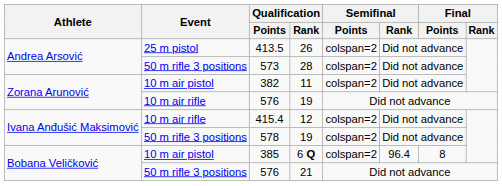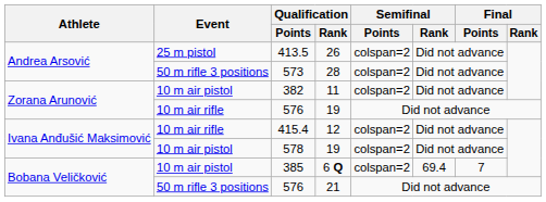 <table class="wikitable" style="font-size:90%">
 <tr>
 <th rowspan="2">Athlete</th>
 <th rowspan="2">Event</th>
 <th colspan=2>Qualification</th>
 <th colspan=2>Semifinal</th>
 <th colspan=2>Final</th>
 </tr>
 <tr style="font-size:95%">
 <th>Points</th>
 <th>Rank</th>
 <th>Points</th>
 <th>Rank</th>
 <th>Points</th>
 <th>Rank</th>
 </tr>
 <tr align=center>
 <td align=left rowspan=2><a href='#'>Andrea Arsović</a></td>
 <td align=left><a href='#'>25 m pistol</a></td>
 <td>413.5</td>
 <td>26</td>
 <td>colspan=2 </td>
 <td colspan=2>Did not advance</td>
 </tr>
 <tr align=center>
 <td align=left><a href='#'>50 m rifle 3 positions</a></td>
 <td>573</td>
 <td>28</td>
 <td>colspan=2 </td>
 <td colspan=2>Did not advance</td>
 </tr>
 <tr align=center>
 <td align=left rowspan=2><a href='#'>Zorana Arunović</a></td>
 <td align=left><a href='#'>10 m air pistol</a></td>
 <td>382</td>
 <td>11</td>
 <td>colspan=2 </td>
 <td colspan=2>Did not advance</td>
 </tr>
 <tr align=center>
 <td align=left><a href='#'>10 m air rifle</a></td>
 <td>576</td>
 <td>19</td>
 <td colspan=4>Did not advance</td>
 </tr>
 <tr align=center>
 <td align=left rowspan=2><a href='#'>Ivana Anđušić Maksimović</a></td>
 <td align=left><a href='#'>10 m air rifle</a></td>
 <td>415.4</td>
 <td>12</td>
 <td>colspan=2 </td>
 <td colspan=2>Did not advance</td>
 </tr>
 <tr align=center>
-<td align=left><a href='#'>50 m rifle 3 positions</a></td>
+<td align=left><a href='#'>10 m air pistol</a></td>
 <td>578</td>
 <td>19</td>
 <td>colspan=2 </td>
 <td colspan=2>Did not advance</td>
 </tr>
 <tr align=center>
 <td align=left rowspan=2><a href='#'>Bobana Veličković</a></td>
 <td align=left><a href='#'>10 m air pistol</a></td>
 <td>385</td>
 <td>6 <strong>Q</strong></td>
 <td>colspan=2 </td>
-<td>96.4</td>
-<td>8</td>
+<td>69.4</td>
+<td>7</td>
 </tr>
 <tr align=center>
 <td align=left><a href='#'>50 m rifle 3 positions</a></td>
 <td>576</td>
 <td>21</td>
 <td colspan=4>Did not advance</td>
 </tr>
 </table>
